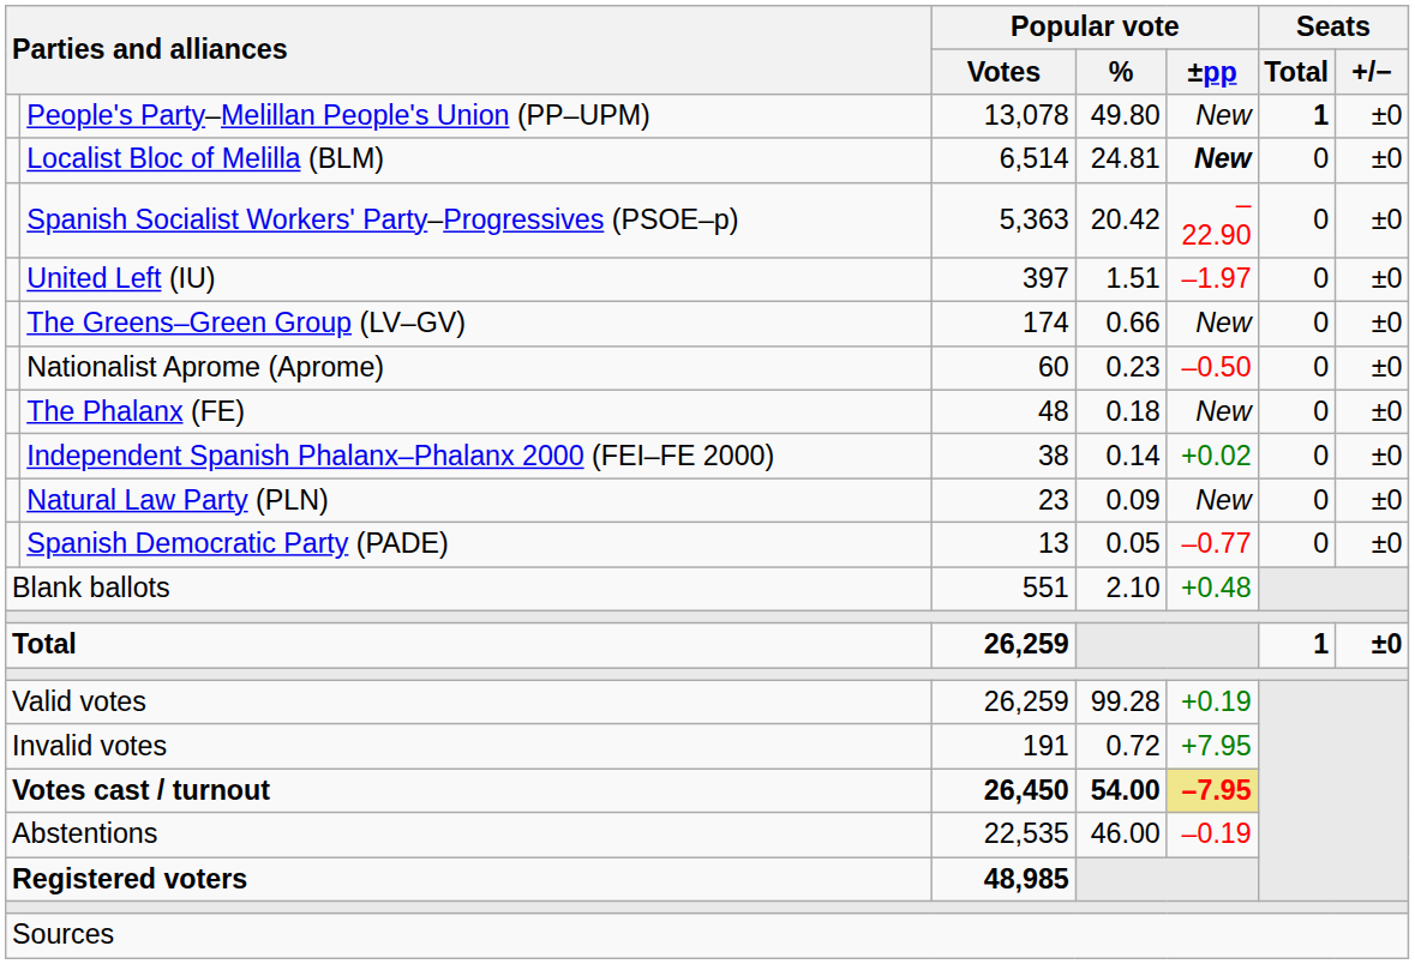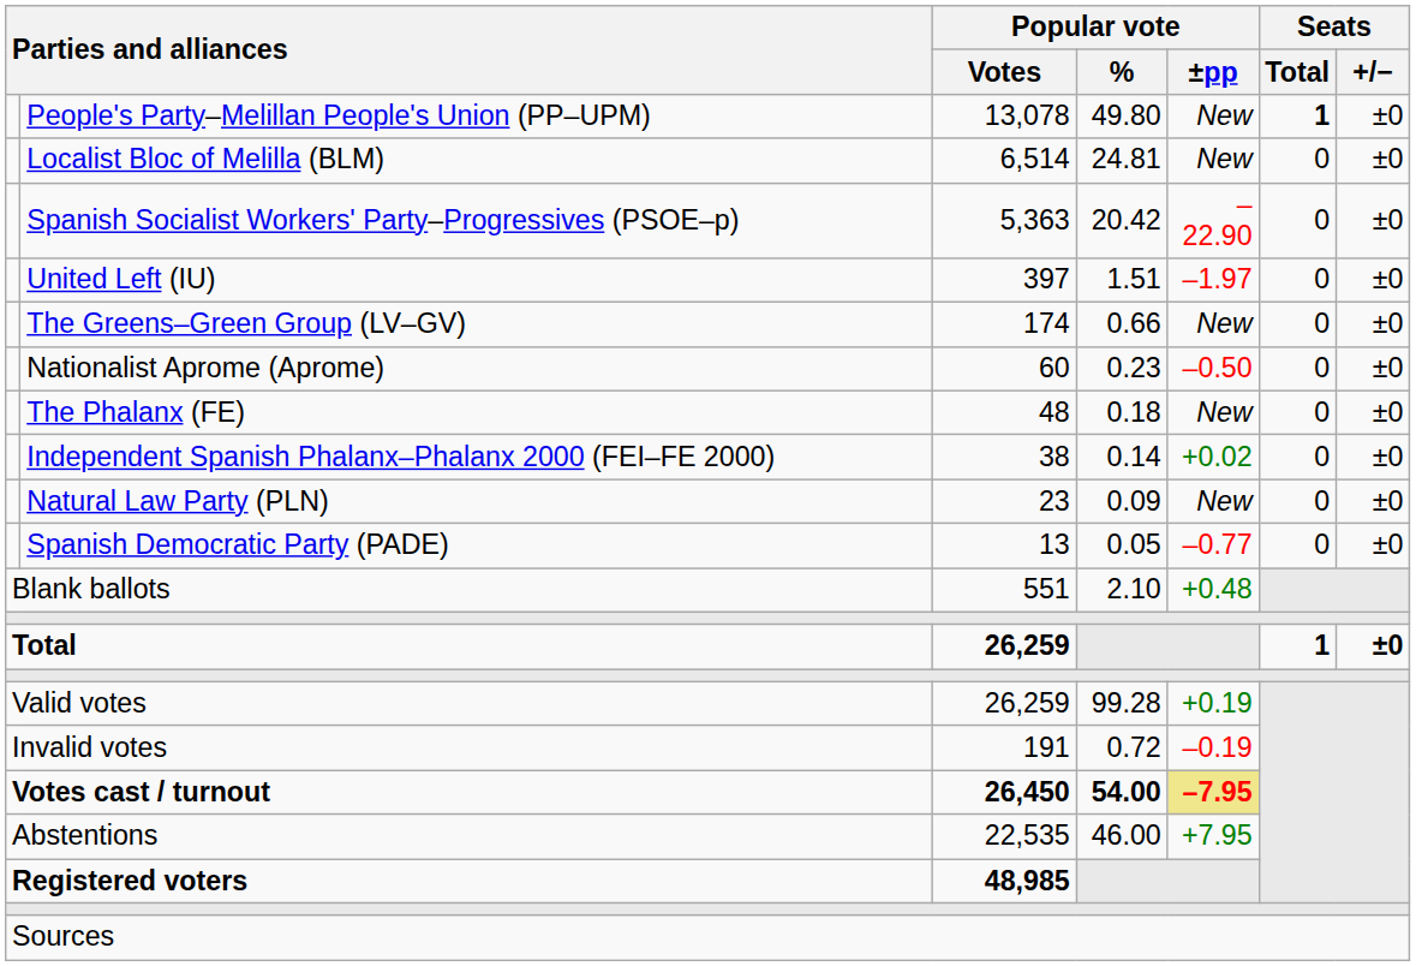 <table class="wikitable" style="text-align:right;">
 <tr>
 <th style="text-align:left;" rowspan="2" colspan="2" width="525">Parties and alliances</th>
 <th colspan="3">Popular vote</th>
 <th colspan="2">Seats</th>
 </tr>
 <tr>
 <th width="75">Votes</th>
 <th width="45">%</th>
 <th width="45">±<a href='#'>pp</a></th>
 <th width="35">Total</th>
 <th width="35">+/−</th>
 </tr>
 <tr>
 <td width="1" style="color:inherit;background:"></td>
 <td align="left"><a href='#'>People's Party</a>–<a href='#'>Melillan People's Union</a> (PP–UPM)</td>
 <td>13,078</td>
 <td>49.80</td>
 <td><em>New</em></td>
 <td><strong>1</strong></td>
 <td>±0</td>
 </tr>
 <tr>
 <td style="color:inherit;background:"></td>
 <td align="left"><a href='#'>Localist Bloc of Melilla</a> (BLM)</td>
 <td>6,514</td>
 <td>24.81</td>
-<td><strong><em>New</em></strong></td>
+<td><em>New</em></td>
 <td>0</td>
 <td>±0</td>
 </tr>
 <tr>
 <td style="color:inherit;background:"></td>
 <td align="left"><a href='#'>Spanish Socialist Workers' Party</a>–<a href='#'>Progressives</a> (PSOE–p)</td>
 <td>5,363</td>
 <td>20.42</td>
 <td style="color:red;">–22.90</td>
 <td>0</td>
 <td>±0</td>
 </tr>
 <tr>
 <td style="color:inherit;background:"></td>
 <td align="left"><a href='#'>United Left</a> (IU)</td>
 <td>397</td>
 <td>1.51</td>
 <td style="color:red;">–1.97</td>
 <td>0</td>
 <td>±0</td>
 </tr>
 <tr>
 <td style="color:inherit;background:"></td>
 <td align="left"><a href='#'>The Greens–Green Group</a> (LV–GV)</td>
 <td>174</td>
 <td>0.66</td>
 <td><em>New</em></td>
 <td>0</td>
 <td>±0</td>
 </tr>
 <tr>
 <td style="color:inherit;background:"></td>
 <td align="left">Nationalist Aprome (Aprome)</td>
 <td>60</td>
 <td>0.23</td>
 <td style="color:red;">–0.50</td>
 <td>0</td>
 <td>±0</td>
 </tr>
 <tr>
 <td style="color:inherit;background:"></td>
 <td align="left"><a href='#'>The Phalanx</a> (FE)</td>
 <td>48</td>
 <td>0.18</td>
 <td><em>New</em></td>
 <td>0</td>
 <td>±0</td>
 </tr>
 <tr>
 <td style="color:inherit;background:"></td>
 <td align="left"><a href='#'>Independent Spanish Phalanx–Phalanx 2000</a> (FEI–FE 2000)</td>
 <td>38</td>
 <td>0.14</td>
 <td style="color:green;">+0.02</td>
 <td>0</td>
 <td>±0</td>
 </tr>
 <tr>
 <td style="color:inherit;background:"></td>
 <td align="left"><a href='#'>Natural Law Party</a> (PLN)</td>
 <td>23</td>
 <td>0.09</td>
 <td><em>New</em></td>
 <td>0</td>
 <td>±0</td>
 </tr>
 <tr>
 <td style="color:inherit;background:"></td>
 <td align="left"><a href='#'>Spanish Democratic Party</a> (PADE)</td>
 <td>13</td>
 <td>0.05</td>
 <td style="color:red;">–0.77</td>
 <td>0</td>
 <td>±0</td>
 </tr>
 <tr>
 <td align="left" colspan="2">Blank ballots</td>
 <td>551</td>
 <td>2.10</td>
 <td style="color:green;">+0.48</td>
 <td bgcolor="#E9E9E9" colspan="2"></td>
 </tr>
 <tr>
 <td colspan="7" bgcolor="#E9E9E9"></td>
 </tr>
 <tr style="font-weight:bold;">
 <td align="left" colspan="2">Total</td>
 <td>26,259</td>
 <td bgcolor="#E9E9E9" colspan="2"></td>
 <td>1</td>
 <td>±0</td>
 </tr>
 <tr>
 <td colspan="7" bgcolor="#E9E9E9"></td>
 </tr>
 <tr>
 <td align="left" colspan="2">Valid votes</td>
 <td>26,259</td>
 <td>99.28</td>
 <td style="color:green;">+0.19</td>
 <td bgcolor="#E9E9E9" colspan="2" rowspan="5"></td>
 </tr>
 <tr>
 <td align="left" colspan="2">Invalid votes</td>
 <td>191</td>
 <td>0.72</td>
-<td style="color:green;">+7.95</td>
+<td style="color:red;">–0.19</td>
 </tr>
 <tr style="font-weight:bold;">
 <td align="left" colspan="2">Votes cast / turnout</td>
 <td>26,450</td>
 <td>54.00</td>
 <td style="background: khaki; color:red;">–7.95</td>
 </tr>
 <tr>
 <td align="left" colspan="2">Abstentions</td>
 <td>22,535</td>
 <td>46.00</td>
-<td style="color:red;">–0.19</td>
+<td style="color:green;">+7.95</td>
 </tr>
 <tr style="font-weight:bold;">
 <td align="left" colspan="2">Registered voters</td>
 <td>48,985</td>
 <td bgcolor="#E9E9E9" colspan="2"></td>
 </tr>
 <tr>
 <td colspan="7" bgcolor="#E9E9E9"></td>
 </tr>
 <tr>
 <td align="left" colspan="7">Sources</td>
 </tr>
 </table>
